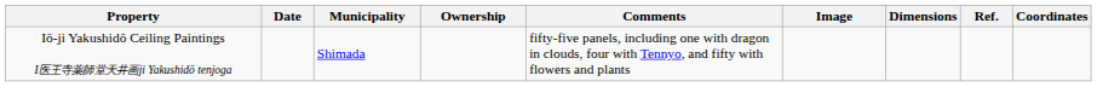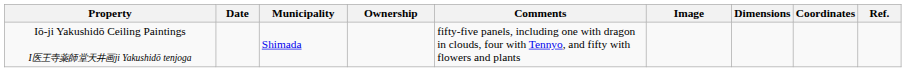 <table class="wikitable sortable"  style="width:100%;">
 <tr>
 <th width="25%" align="left">Property</th>
 <th width="5%" align="left" data-sort-type="number">Date</th>
 <th width="10%" align="left">Municipality</th>
 <th width="10%" align="left">Ownership</th>
 <th width="25%" align="left" class="unsortable">Comments</th>
 <th width="10%" align="left" class="unsortable">Image</th>
 <th width="5%" align="left" class="unsortable">Dimensions</th>
+<th width="5%" align="left" class="unsortable">Coordinates</th>
 <th width="5%" align="left" class="unsortable">Ref.</th>
-<th width="5%" align="left" class="unsortable">Coordinates</th>
 </tr>
 <tr>
 <td align="center">Iō-ji Yakushidō Ceiling Paintings<br><br><small><em>I医王寺薬師堂天井画ji Yakushidō tenjoga</em></small></td>
 <td></td>
 <td><a href='#'>Shimada</a></td>
 <td></td>
 <td>fifty-five panels, including one with dragon in clouds, four with <a href='#'>Tennyo</a>, and fifty with flowers and plants</td>
 <td></td>
 <td></td>
 <td></td>
 <td></td>
 </tr>
 </table>
